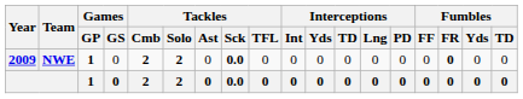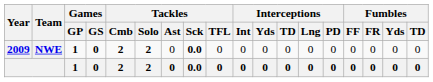 <table class="wikitable" style="text-align:center">
 <tr>
 <th rowspan="2">Year</th>
 <th rowspan="2">Team</th>
 <th colspan="2">Games</th>
 <th colspan="5">Tackles</th>
 <th colspan="5">Interceptions</th>
 <th colspan="4">Fumbles</th>
 </tr>
 <tr>
 <th>GP</th>
 <th>GS</th>
 <th>Cmb</th>
 <th>Solo</th>
 <th>Ast</th>
 <th>Sck</th>
 <th>TFL</th>
 <th>Int</th>
 <th>Yds</th>
 <th>TD</th>
 <th>Lng</th>
 <th>PD</th>
 <th>FF</th>
 <th>FR</th>
 <th>Yds</th>
 <th>TD</th>
 </tr>
 <tr>
 <th><a href='#'>2009</a></th>
 <th><a href='#'>NWE</a></th>
 <td><strong>1</strong></td>
-<td>0</td>
+<td><strong>0</strong></td>
 <td><strong>2</strong></td>
 <td><strong>2</strong></td>
 <td>0</td>
 <td><strong>0.0</strong></td>
 <td>0</td>
 <td>0</td>
 <td>0</td>
 <td>0</td>
 <td>0</td>
 <td>0</td>
 <td>0</td>
-<td><strong>0</strong></td>
+<td>0</td>
 <td>0</td>
 <td>0</td>
 </tr>
 <tr>
 <th colspan="2"></th>
 <th>1</th>
 <th>0</th>
 <th>2</th>
 <th>2</th>
 <th>0</th>
 <th>0.0</th>
 <th>0</th>
 <th>0</th>
 <th>0</th>
 <th>0</th>
 <th>0</th>
 <th>0</th>
 <th>0</th>
 <th>0</th>
 <th>0</th>
 <th>0</th>
 </tr>
 </table>
